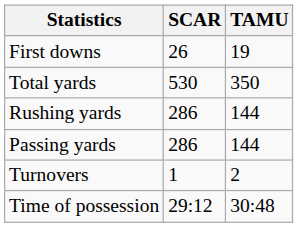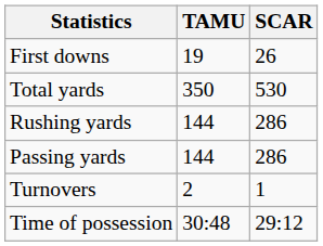 <table class="wikitable" style="float: left;">
 <tr>
 <th>Statistics</th>
+<th>TAMU</th>
 <th>SCAR</th>
-<th>TAMU</th>
 </tr>
 <tr>
 <td>First downs</td>
+<td>19</td>
 <td>26</td>
-<td>19</td>
 </tr>
 <tr>
 <td>Total yards</td>
+<td>350</td>
 <td>530</td>
-<td>350</td>
 </tr>
 <tr>
 <td>Rushing yards</td>
+<td>144</td>
 <td>286</td>
-<td>144</td>
 </tr>
 <tr>
 <td>Passing yards</td>
+<td>144</td>
 <td>286</td>
-<td>144</td>
 </tr>
 <tr>
 <td>Turnovers</td>
+<td>2</td>
 <td>1</td>
-<td>2</td>
 </tr>
 <tr>
 <td>Time of possession</td>
+<td>30:48</td>
 <td>29:12</td>
-<td>30:48</td>
 </tr>
 </table>
